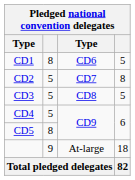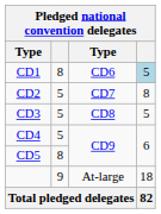 <table class="wikitable sortable" style="font-size:90%;text-align:center;float:none;padding:5px;">
 <tr>
 <th colspan="4">Pledged <a href='#'>national<br>convention</a> delegates</th>
 </tr>
 <tr>
 <th>Type</th>
 <th></th>
 <th>Type</th>
 <th></th>
 </tr>
 <tr>
 <td><a href='#'>CD1</a></td>
 <td>8</td>
 <td><a href='#'>CD6</a></td>
-<td>5</td>
+<td style="background: lightblue;">5</td>
 </tr>
 <tr>
 <td><a href='#'>CD2</a></td>
 <td>5</td>
 <td><a href='#'>CD7</a></td>
 <td>8</td>
 </tr>
 <tr>
 <td><a href='#'>CD3</a></td>
 <td>5</td>
 <td><a href='#'>CD8</a></td>
 <td>5</td>
 </tr>
 <tr>
 <td><a href='#'>CD4</a></td>
 <td>5</td>
 <td rowspan="2"><a href='#'>CD9</a></td>
 <td rowspan="2">6</td>
 </tr>
 <tr>
 <td><a href='#'>CD5</a></td>
 <td>8</td>
 </tr>
 <tr>
 <td></td>
 <td>9</td>
 <td>At-large</td>
 <td>18</td>
 </tr>
 <tr>
 <th colspan="3">Total pledged delegates</th>
 <th>82</th>
 </tr>
 </table>
